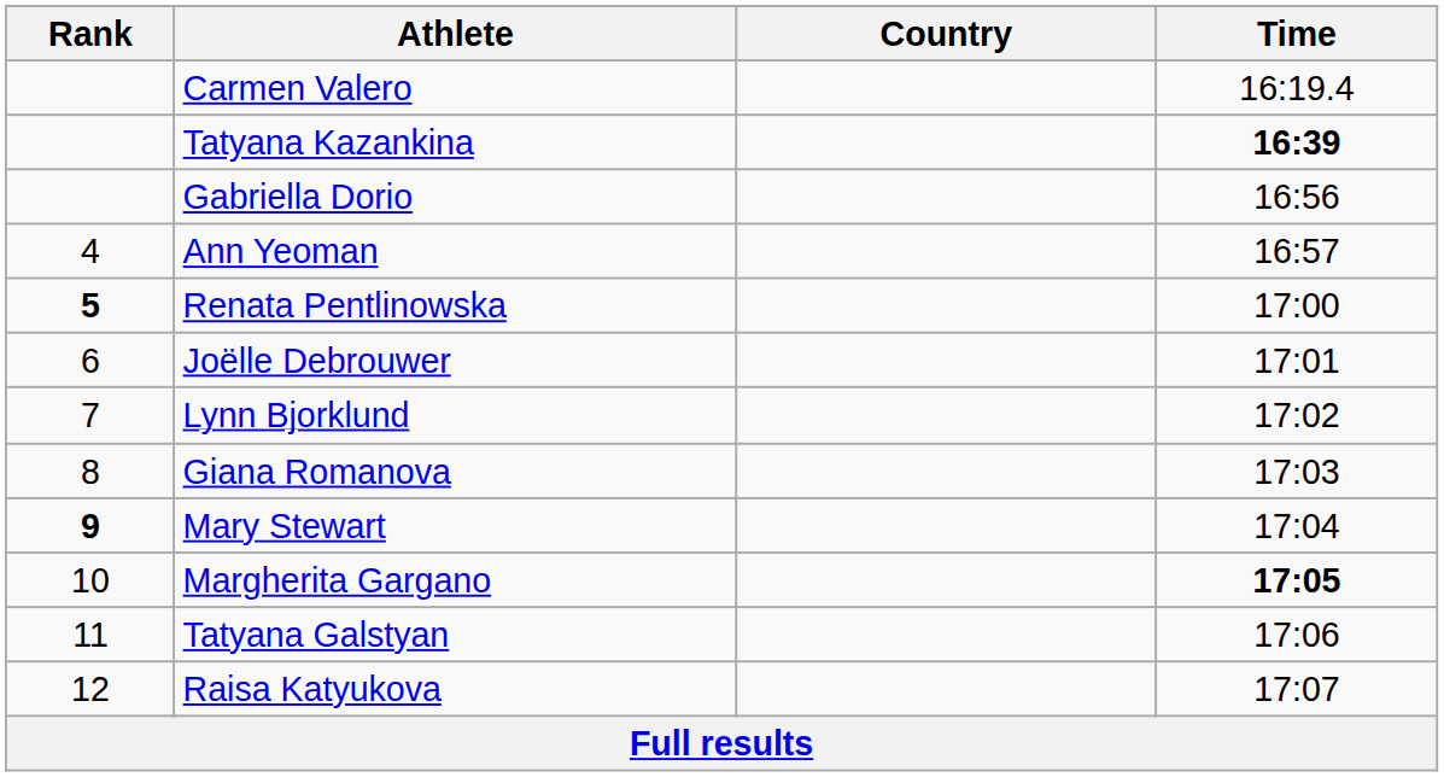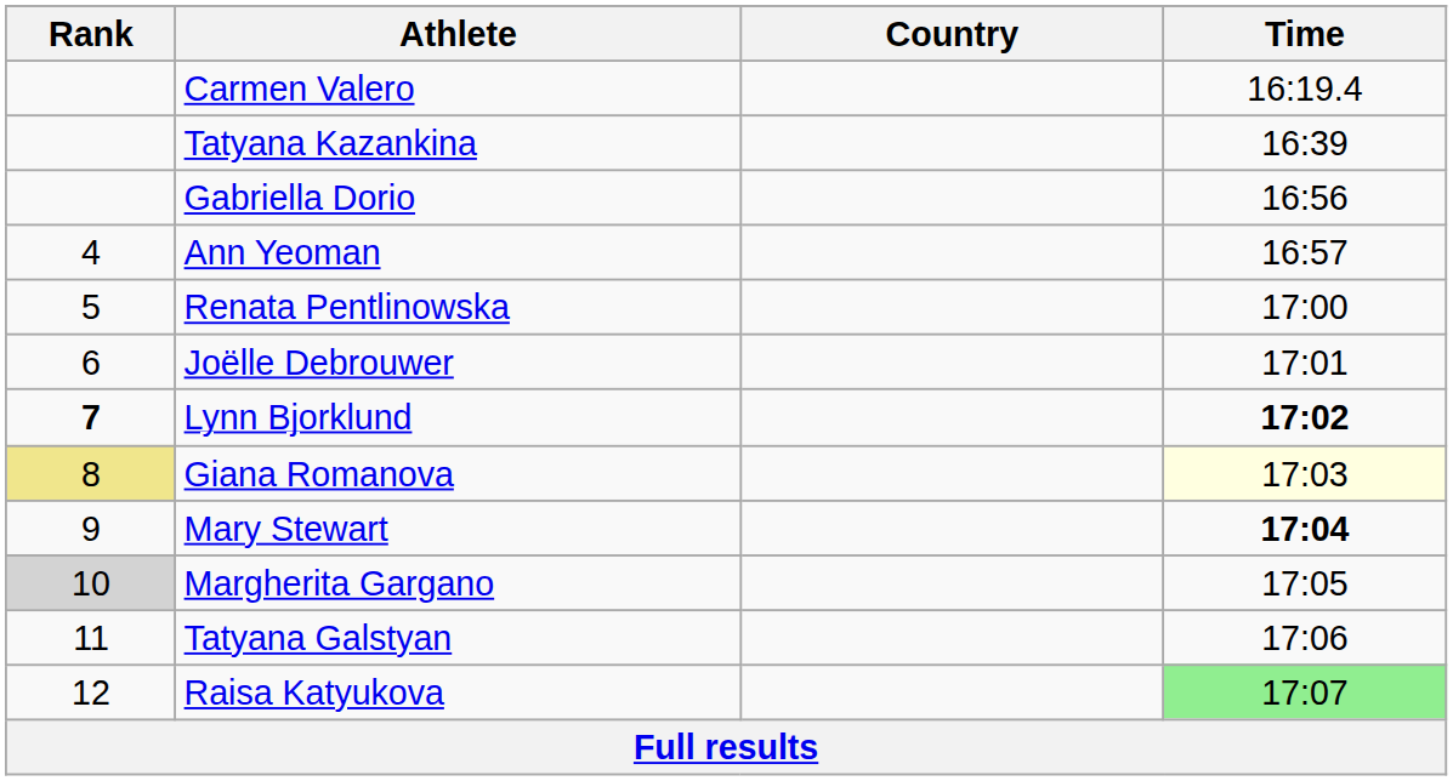 <table class="wikitable sortable" style=" text-align:center; font-size:95%;" width="50%">
 <tr>
 </tr>
 <tr>
 <th width=5%>Rank</th>
 <th width=20%>Athlete</th>
 <th width=15%>Country</th>
 <th width=10%>Time</th>
 </tr>
 <tr>
 <td align=center></td>
 <td align=left><a href='#'>Carmen Valero</a></td>
 <td align=left></td>
 <td>16:19.4</td>
 </tr>
 <tr>
 <td align=center></td>
 <td align=left><a href='#'>Tatyana Kazankina</a></td>
 <td align=left></td>
-<td><strong>16:39</strong></td>
+<td>16:39</td>
 </tr>
 <tr>
 <td align=center></td>
 <td align=left><a href='#'>Gabriella Dorio</a></td>
 <td align=left></td>
 <td>16:56</td>
 </tr>
 <tr>
 <td align=center>4</td>
 <td align=left><a href='#'>Ann Yeoman</a></td>
 <td align=left></td>
 <td>16:57</td>
 </tr>
 <tr>
-<td align=center><strong>5</strong></td>
+<td align=center>5</td>
 <td align=left><a href='#'>Renata Pentlinowska</a></td>
 <td align=left></td>
 <td>17:00</td>
 </tr>
 <tr>
 <td align=center>6</td>
 <td align=left><a href='#'>Joëlle Debrouwer</a></td>
 <td align=left></td>
 <td>17:01</td>
 </tr>
 <tr>
-<td align=center>7</td>
+<td align=center><strong>7</strong></td>
 <td align=left><a href='#'>Lynn Bjorklund</a></td>
 <td align=left></td>
-<td>17:02</td>
+<td><strong>17:02</strong></td>
 </tr>
 <tr>
-<td align=center>8</td>
+<td align=center style="background: khaki;">8</td>
 <td align=left><a href='#'>Giana Romanova</a></td>
 <td align=left></td>
-<td>17:03</td>
+<td style="background: lightyellow;">17:03</td>
 </tr>
 <tr>
-<td align=center><strong>9</strong></td>
+<td align=center>9</td>
 <td align=left><a href='#'>Mary Stewart</a></td>
 <td align=left></td>
-<td>17:04</td>
+<td><strong>17:04</strong></td>
 </tr>
 <tr>
-<td align=center>10</td>
+<td align=center style="background: lightgrey;">10</td>
 <td align=left><a href='#'>Margherita Gargano</a></td>
 <td align=left></td>
-<td><strong>17:05</strong></td>
+<td>17:05</td>
 </tr>
 <tr>
 <td align=center>11</td>
 <td align=left><a href='#'>Tatyana Galstyan</a></td>
 <td align=left></td>
 <td>17:06</td>
 </tr>
 <tr>
 <td align=center>12</td>
 <td align=left><a href='#'>Raisa Katyukova</a></td>
 <td align=left></td>
-<td>17:07</td>
+<td style="background: lightgreen;">17:07</td>
 </tr>
 <tr class="sortbottom">
 <th colspan=4 align=center><a href='#'>Full results</a></th>
 </tr>
 </table>
